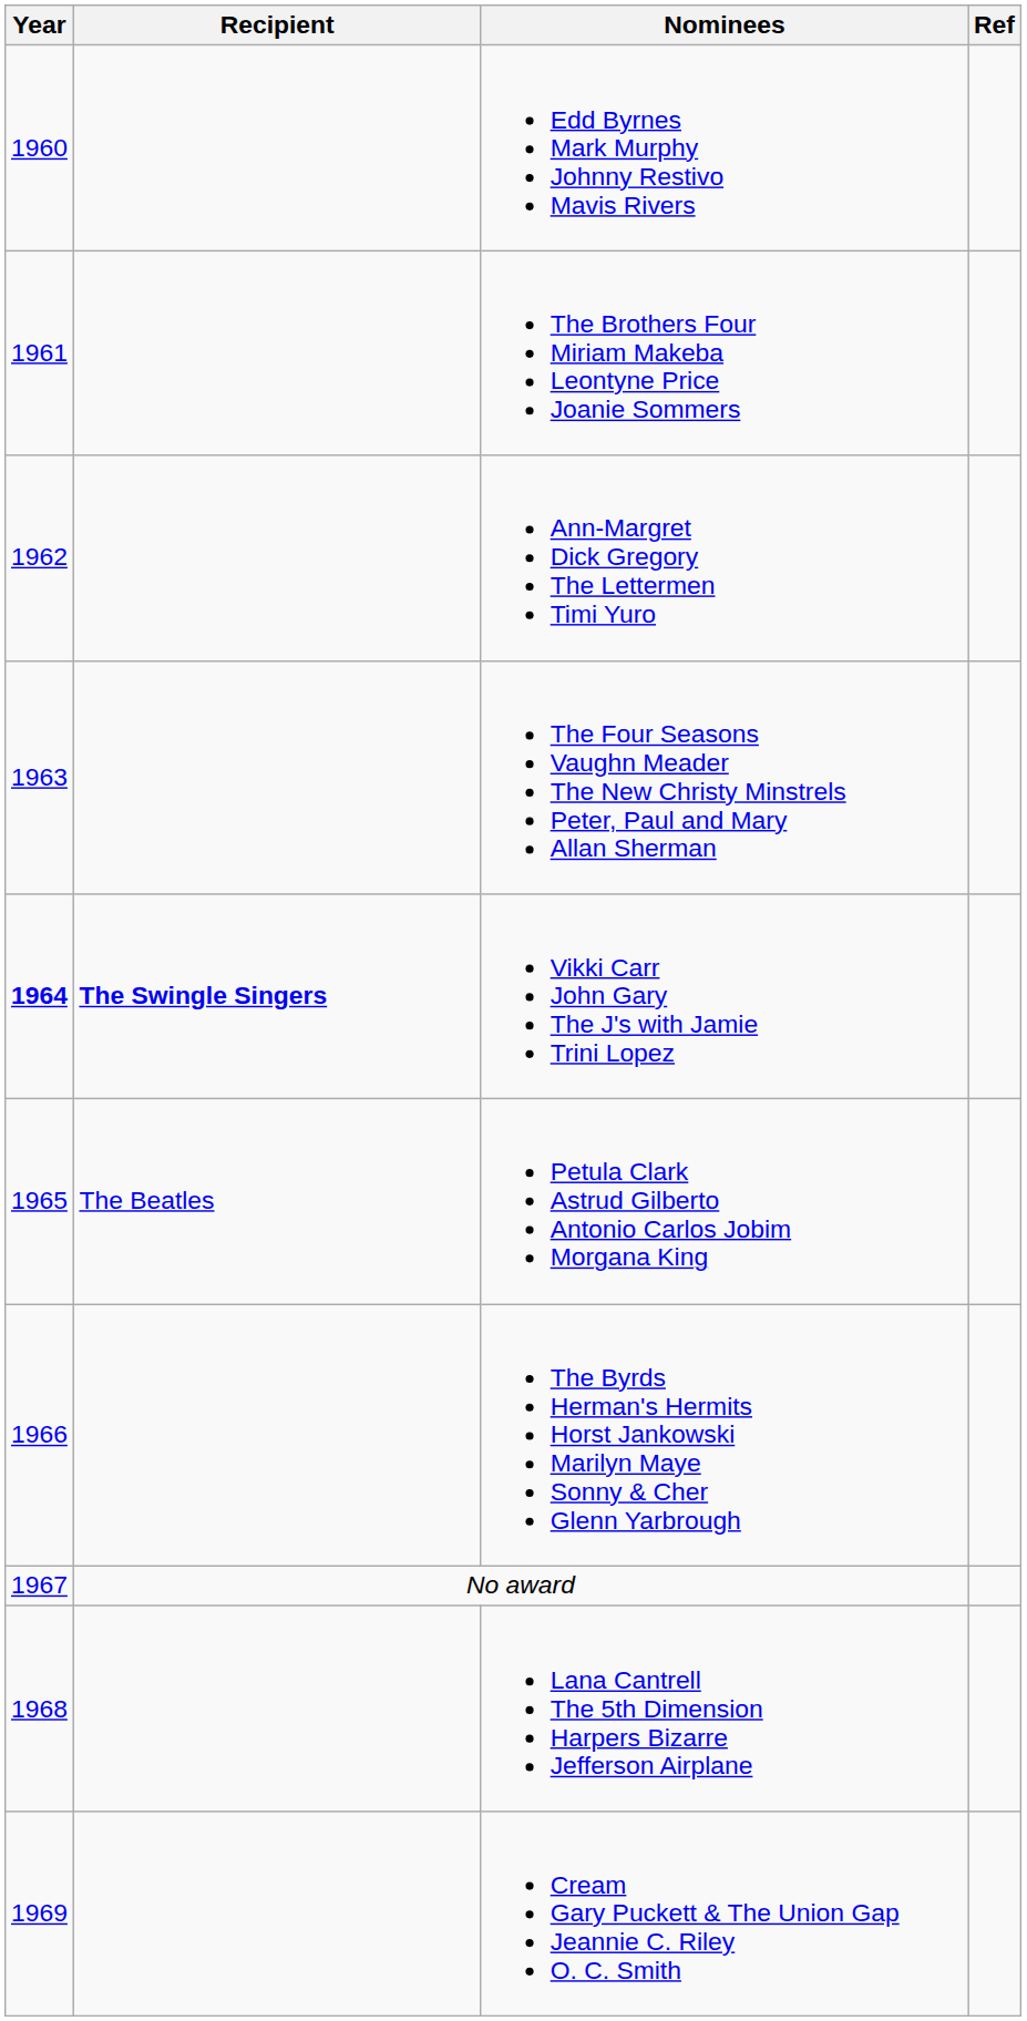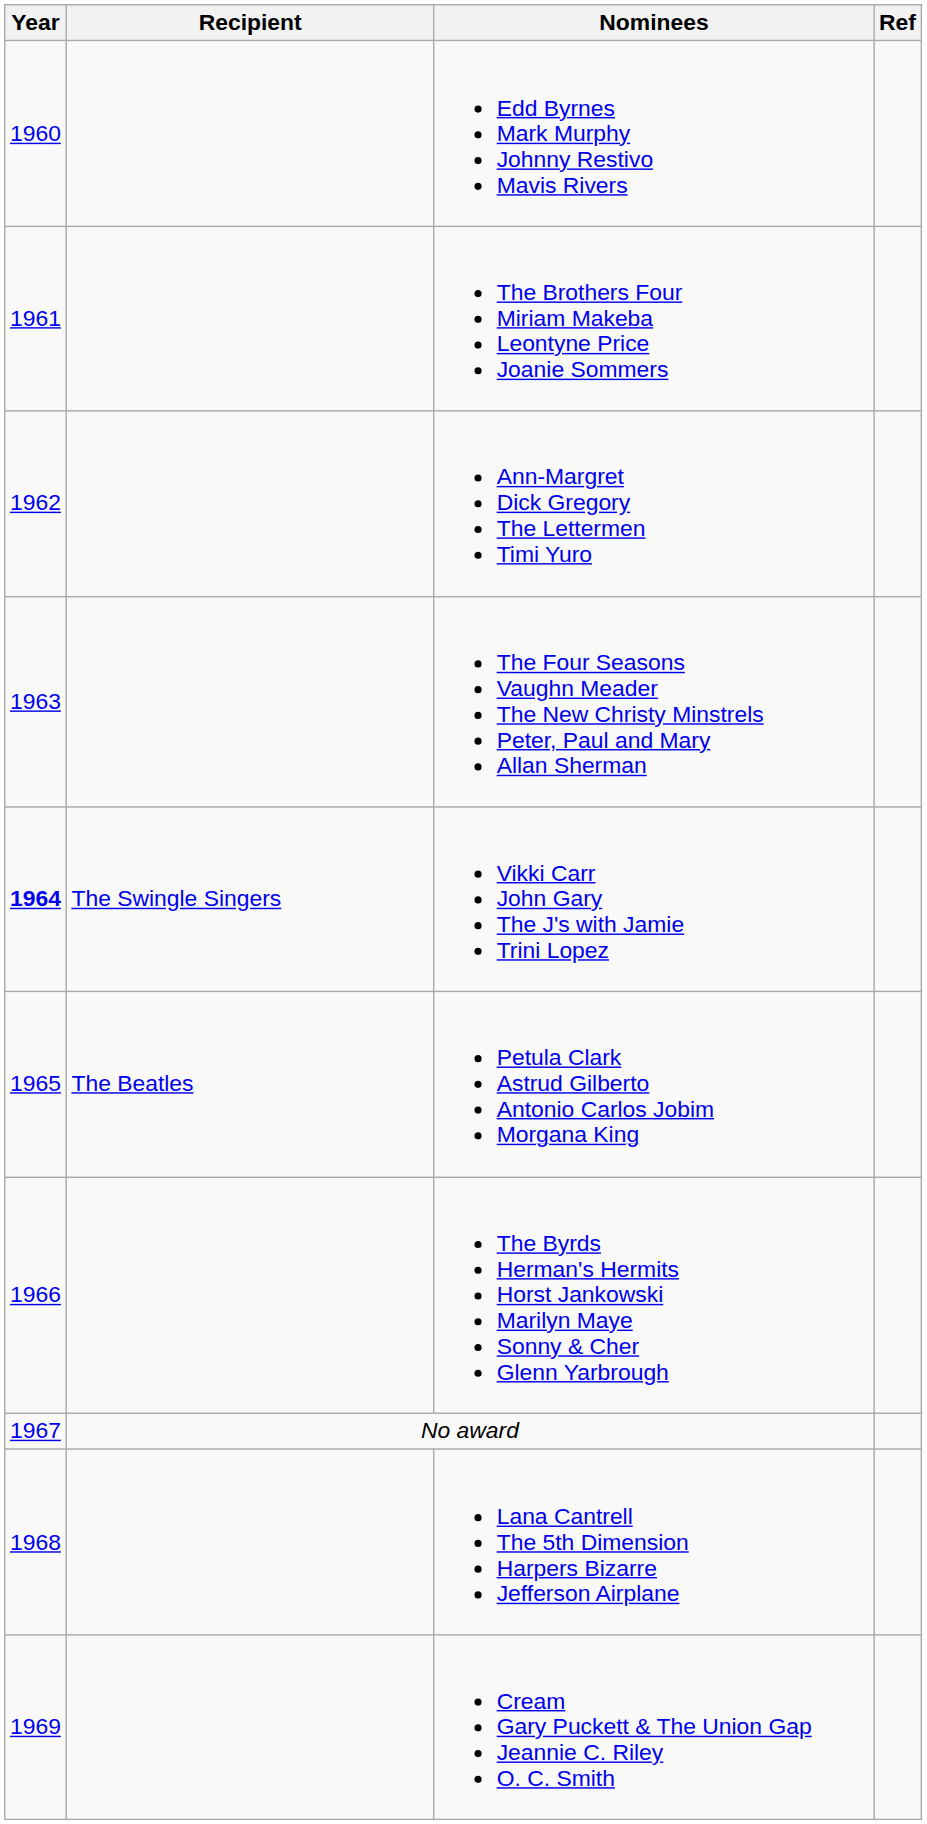 <table class="wikitable sortable">
 <tr>
 <th scope="col" bgcolor="#efefef">Year</th>
 <th scope="col" bgcolor="#efefef" width=250px>Recipient</th>
 <th scope="col" bgcolor="#efefef" width=300px class=unsortable>Nominees</th>
 <th scope="col" bgcolor="#efefef" class=unsortable>Ref</th>
 </tr>
 <tr>
 <td scope="row" align="center"><a href='#'>1960</a></td>
 <td></td>
 <td><br><ul><li><a href='#'>Edd Byrnes</a></li><li><a href='#'>Mark Murphy</a></li><li><a href='#'>Johnny Restivo</a></li><li><a href='#'>Mavis Rivers</a></li></ul></td>
 <td align="center"></td>
 </tr>
 <tr>
 <td scope="row" align="center"><a href='#'>1961</a></td>
 <td></td>
 <td><br><ul><li><a href='#'>The Brothers Four</a></li><li><a href='#'>Miriam Makeba</a></li><li><a href='#'>Leontyne Price</a></li><li><a href='#'>Joanie Sommers</a></li></ul></td>
 <td align="center"></td>
 </tr>
 <tr>
 <td scope="row" align="center"><a href='#'>1962</a></td>
 <td></td>
 <td><br><ul><li><a href='#'>Ann-Margret</a></li><li><a href='#'>Dick Gregory</a></li><li><a href='#'>The Lettermen</a></li><li><a href='#'>Timi Yuro</a></li></ul></td>
 <td align="center"></td>
 </tr>
 <tr>
 <td scope="row" align="center"><a href='#'>1963</a></td>
 <td></td>
 <td><br><ul><li><a href='#'>The Four Seasons</a></li><li><a href='#'>Vaughn Meader</a></li><li><a href='#'>The New Christy Minstrels</a></li><li><a href='#'>Peter, Paul and Mary</a></li><li><a href='#'>Allan Sherman</a></li></ul></td>
 <td align="center"></td>
 </tr>
 <tr>
 <td scope="row" align="center"><strong><a href='#'>1964</a></strong></td>
-<td><strong><a href='#'>The Swingle Singers</a></strong></td>
+<td><a href='#'>The Swingle Singers</a></td>
 <td><br><ul><li><a href='#'>Vikki Carr</a></li><li><a href='#'>John Gary</a></li><li><a href='#'>The J's with Jamie</a></li><li><a href='#'>Trini Lopez</a></li></ul></td>
 <td align="center"></td>
 </tr>
 <tr>
 <td scope="row" align="center"><a href='#'>1965</a></td>
 <td><a href='#'>The Beatles</a></td>
 <td><br><ul><li><a href='#'>Petula Clark</a></li><li><a href='#'>Astrud Gilberto</a></li><li><a href='#'>Antonio Carlos Jobim</a></li><li><a href='#'>Morgana King</a></li></ul></td>
 <td align="center"></td>
 </tr>
 <tr>
 <td scope="row" align="center"><a href='#'>1966</a></td>
 <td></td>
 <td><br><ul><li><a href='#'>The Byrds</a></li><li><a href='#'>Herman's Hermits</a></li><li><a href='#'>Horst Jankowski</a></li><li><a href='#'>Marilyn Maye</a></li><li><a href='#'>Sonny & Cher</a></li><li><a href='#'>Glenn Yarbrough</a></li></ul></td>
 <td align="center"></td>
 </tr>
 <tr>
 <td scope="row" align="center"><a href='#'>1967</a></td>
 <td align="center" colspan="2"><em>No award</em></td>
 <td align="center"></td>
 </tr>
 <tr>
 <td scope="row" align="center"><a href='#'>1968</a></td>
 <td></td>
 <td><br><ul><li><a href='#'>Lana Cantrell</a></li><li><a href='#'>The 5th Dimension</a></li><li><a href='#'>Harpers Bizarre</a></li><li><a href='#'>Jefferson Airplane</a></li></ul></td>
 <td align="center"></td>
 </tr>
 <tr>
 <td scope="row" align="center"><a href='#'>1969</a></td>
 <td></td>
 <td><br><ul><li><a href='#'>Cream</a></li><li><a href='#'>Gary Puckett & The Union Gap</a></li><li><a href='#'>Jeannie C. Riley</a></li><li><a href='#'>O. C. Smith</a></li></ul></td>
 <td align="center"></td>
 </tr>
 </table>
